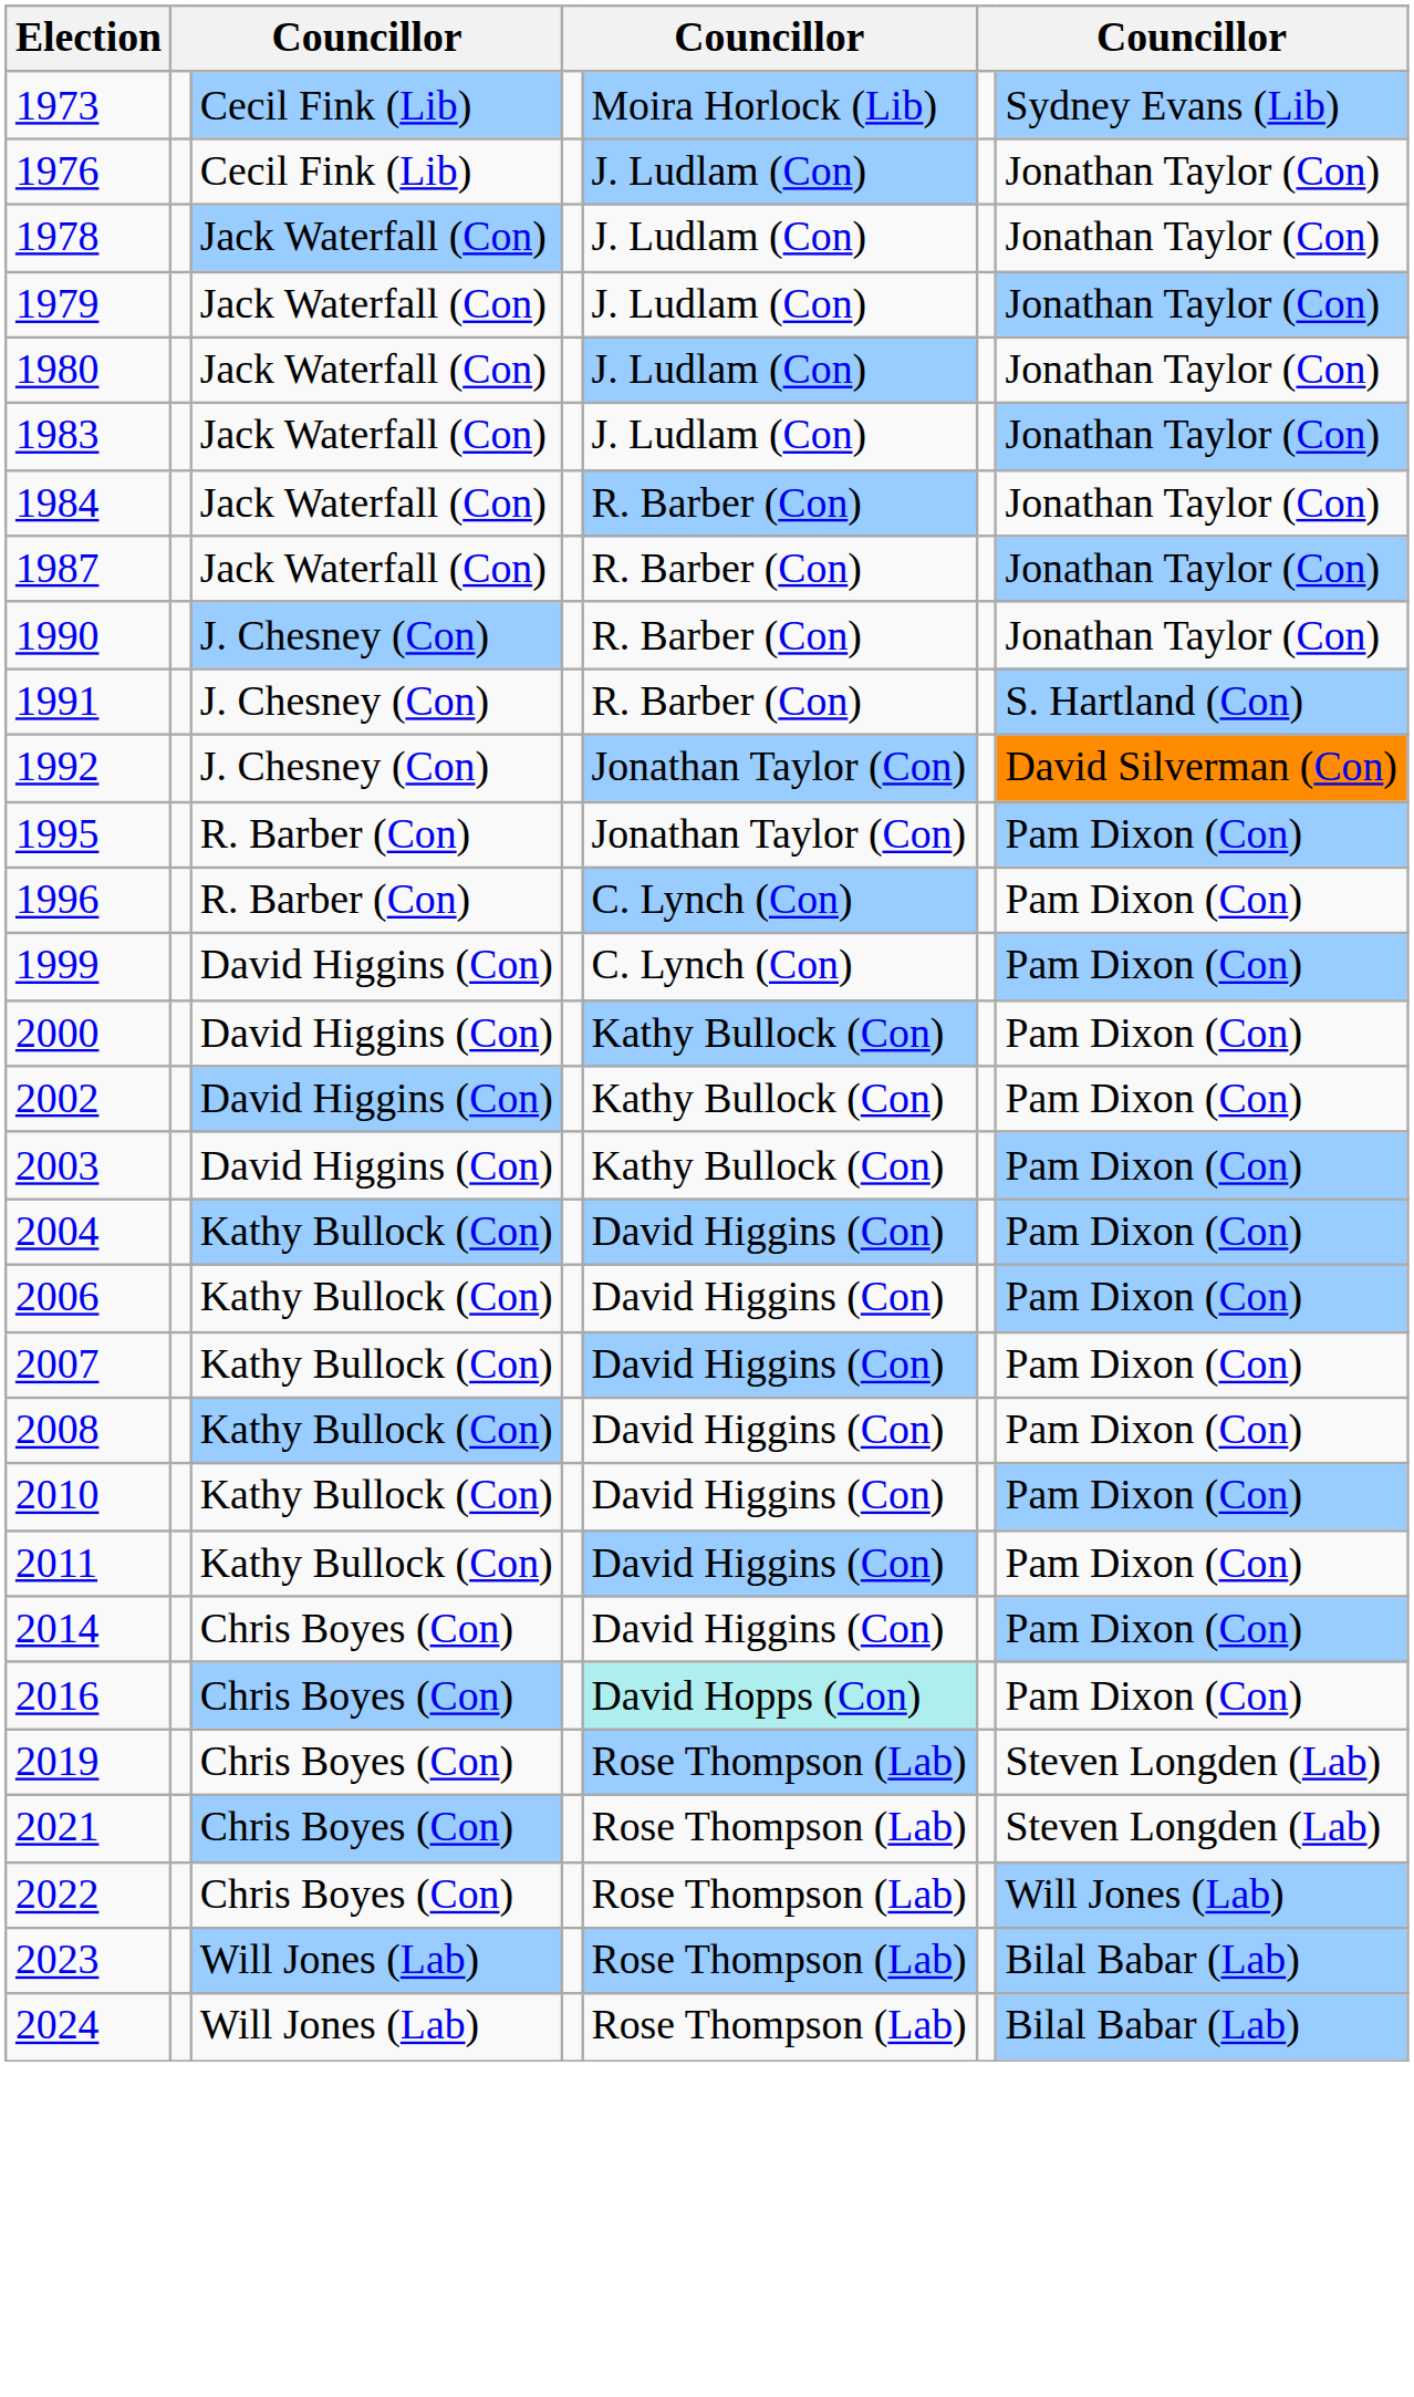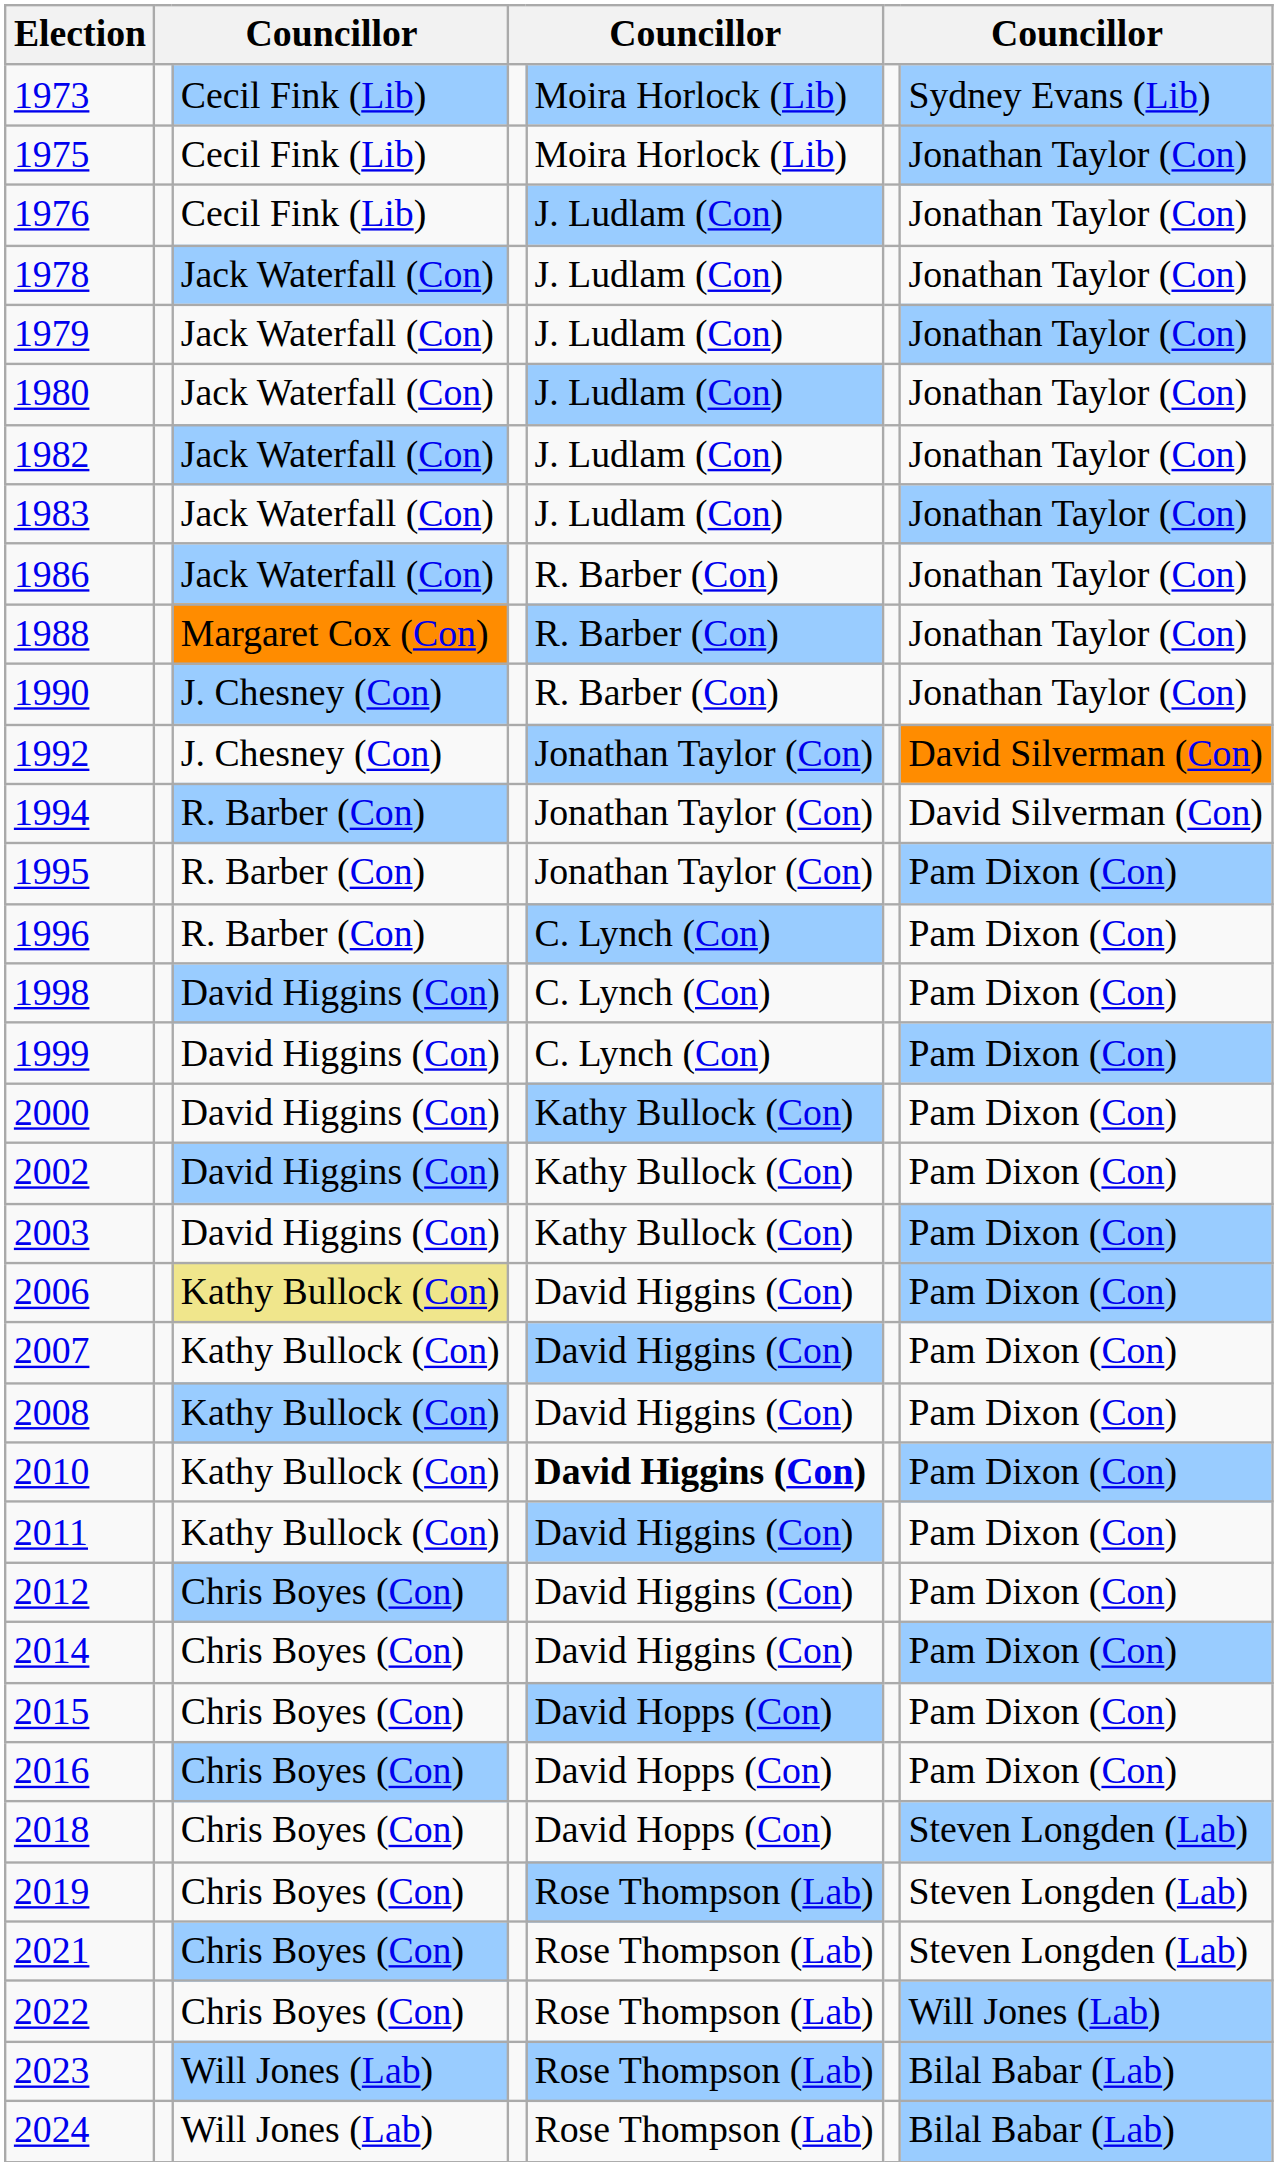 <table class="wikitable">
 <tr>
 <th>Election</th>
 <th colspan="2">Councillor</th>
 <th colspan="2">Councillor</th>
 <th colspan="2">Councillor</th>
 </tr>
 <tr>
 <td><a href='#'>1973</a></td>
 <td style="background-color: "></td>
 <td bgcolor="#99CCFF">Cecil Fink (<a href='#'>Lib</a>)</td>
 <td style="background-color: "></td>
 <td bgcolor="#99CCFF">Moira Horlock (<a href='#'>Lib</a>)</td>
 <td style="background-color: "></td>
 <td bgcolor="#99CCFF">Sydney Evans (<a href='#'>Lib</a>)</td>
+</tr>
+<tr>
+<td><a href='#'>1975</a></td>
+<td style="background-color: "></td>
+<td>Cecil Fink (<a href='#'>Lib</a>)</td>
+<td style="background-color: "></td>
+<td>Moira Horlock (<a href='#'>Lib</a>)</td>
+<td style="background-color: "></td>
+<td bgcolor="#99CCFF">Jonathan Taylor (<a href='#'>Con</a>)</td>
 </tr>
 <tr>
 <td><a href='#'>1976</a></td>
 <td style="background-color: "></td>
 <td>Cecil Fink (<a href='#'>Lib</a>)</td>
 <td style="background-color: "></td>
 <td bgcolor="#99CCFF">J. Ludlam (<a href='#'>Con</a>)</td>
 <td style="background-color: "></td>
 <td>Jonathan Taylor (<a href='#'>Con</a>)</td>
 </tr>
 <tr>
 <td><a href='#'>1978</a></td>
 <td style="background-color: "></td>
 <td bgcolor="#99CCFF">Jack Waterfall (<a href='#'>Con</a>)</td>
 <td style="background-color: "></td>
 <td>J. Ludlam (<a href='#'>Con</a>)</td>
 <td style="background-color: "></td>
 <td>Jonathan Taylor (<a href='#'>Con</a>)</td>
 </tr>
 <tr>
 <td><a href='#'>1979</a></td>
 <td style="background-color: "></td>
 <td>Jack Waterfall (<a href='#'>Con</a>)</td>
 <td style="background-color: "></td>
 <td>J. Ludlam (<a href='#'>Con</a>)</td>
 <td style="background-color: "></td>
 <td bgcolor="#99CCFF">Jonathan Taylor (<a href='#'>Con</a>)</td>
 </tr>
 <tr>
 <td><a href='#'>1980</a></td>
 <td style="background-color: "></td>
 <td>Jack Waterfall (<a href='#'>Con</a>)</td>
 <td style="background-color: "></td>
 <td bgcolor="#99CCFF">J. Ludlam (<a href='#'>Con</a>)</td>
 <td style="background-color: "></td>
 <td>Jonathan Taylor (<a href='#'>Con</a>)</td>
 </tr>
 <tr>
+<td><a href='#'>1982</a></td>
+<td style="background-color: "></td>
+<td bgcolor="#99CCFF">Jack Waterfall (<a href='#'>Con</a>)</td>
+<td style="background-color: "></td>
+<td>J. Ludlam (<a href='#'>Con</a>)</td>
+<td style="background-color: "></td>
+<td>Jonathan Taylor (<a href='#'>Con</a>)</td>
+</tr>
+<tr>
 <td><a href='#'>1983</a></td>
 <td style="background-color: "></td>
 <td>Jack Waterfall (<a href='#'>Con</a>)</td>
 <td style="background-color: "></td>
 <td>J. Ludlam (<a href='#'>Con</a>)</td>
 <td style="background-color: "></td>
 <td bgcolor="#99CCFF">Jonathan Taylor (<a href='#'>Con</a>)</td>
 </tr>
 <tr>
-<td><a href='#'>1984</a></td>
+<td><a href='#'>1986</a></td>
 <td style="background-color: "></td>
-<td>Jack Waterfall (<a href='#'>Con</a>)</td>
+<td bgcolor="#99CCFF">Jack Waterfall (<a href='#'>Con</a>)</td>
+<td style="background-color: "></td>
+<td>R. Barber (<a href='#'>Con</a>)</td>
+<td style="background-color: "></td>
+<td>Jonathan Taylor (<a href='#'>Con</a>)</td>
+</tr>
+<tr>
+<td><a href='#'>1988</a></td>
+<td style="background-color: "></td>
+<td bgcolor="#FF8C00">Margaret Cox (<a href='#'>Con</a>)</td>
 <td style="background-color: "></td>
 <td bgcolor="#99CCFF">R. Barber (<a href='#'>Con</a>)</td>
 <td style="background-color: "></td>
 <td>Jonathan Taylor (<a href='#'>Con</a>)</td>
-</tr>
-<tr>
-<td><a href='#'>1987</a></td>
-<td style="background-color: "></td>
-<td>Jack Waterfall (<a href='#'>Con</a>)</td>
-<td style="background-color: "></td>
-<td>R. Barber (<a href='#'>Con</a>)</td>
-<td style="background-color: "></td>
-<td bgcolor="#99CCFF">Jonathan Taylor (<a href='#'>Con</a>)</td>
 </tr>
 <tr>
 <td><a href='#'>1990</a></td>
 <td style="background-color: "></td>
 <td bgcolor="#99CCFF">J. Chesney (<a href='#'>Con</a>)</td>
 <td style="background-color: "></td>
 <td>R. Barber (<a href='#'>Con</a>)</td>
 <td style="background-color: "></td>
 <td>Jonathan Taylor (<a href='#'>Con</a>)</td>
 </tr>
 <tr>
-<td><a href='#'>1991</a></td>
-<td style="background-color: "></td>
-<td>J. Chesney (<a href='#'>Con</a>)</td>
-<td style="background-color: "></td>
-<td>R. Barber (<a href='#'>Con</a>)</td>
-<td style="background-color: "></td>
-<td bgcolor="#99CCFF">S. Hartland (<a href='#'>Con</a>)</td>
-</tr>
-<tr>
 <td><a href='#'>1992</a></td>
 <td style="background-color: "></td>
 <td>J. Chesney (<a href='#'>Con</a>)</td>
 <td style="background-color: "></td>
 <td bgcolor="#99CCFF">Jonathan Taylor (<a href='#'>Con</a>)</td>
 <td style="background-color: "></td>
 <td bgcolor="#FF8C00">David Silverman (<a href='#'>Con</a>)</td>
+</tr>
+<tr>
+<td><a href='#'>1994</a></td>
+<td style="background-color: "></td>
+<td bgcolor="#99CCFF">R. Barber (<a href='#'>Con</a>)</td>
+<td style="background-color: "></td>
+<td>Jonathan Taylor (<a href='#'>Con</a>)</td>
+<td style="background-color: "></td>
+<td>David Silverman (<a href='#'>Con</a>)</td>
 </tr>
 <tr>
 <td><a href='#'>1995</a></td>
 <td style="background-color: "></td>
 <td>R. Barber (<a href='#'>Con</a>)</td>
 <td style="background-color: "></td>
 <td>Jonathan Taylor (<a href='#'>Con</a>)</td>
 <td style="background-color: "></td>
 <td bgcolor="#99CCFF">Pam Dixon (<a href='#'>Con</a>)</td>
 </tr>
 <tr>
 <td><a href='#'>1996</a></td>
 <td style="background-color: "></td>
 <td>R. Barber (<a href='#'>Con</a>)</td>
 <td style="background-color: "></td>
 <td bgcolor="#99CCFF">C. Lynch (<a href='#'>Con</a>)</td>
+<td style="background-color: "></td>
+<td>Pam Dixon (<a href='#'>Con</a>)</td>
+</tr>
+<tr>
+<td><a href='#'>1998</a></td>
+<td style="background-color: "></td>
+<td bgcolor="#99CCFF">David Higgins (<a href='#'>Con</a>)</td>
+<td style="background-color: "></td>
+<td>C. Lynch (<a href='#'>Con</a>)</td>
 <td style="background-color: "></td>
 <td>Pam Dixon (<a href='#'>Con</a>)</td>
 </tr>
 <tr>
 <td><a href='#'>1999</a></td>
 <td style="background-color: "></td>
 <td>David Higgins (<a href='#'>Con</a>)</td>
 <td style="background-color: "></td>
 <td>C. Lynch (<a href='#'>Con</a>)</td>
 <td style="background-color: "></td>
 <td bgcolor="#99CCFF">Pam Dixon (<a href='#'>Con</a>)</td>
 </tr>
 <tr>
 <td><a href='#'>2000</a></td>
 <td style="background-color: "></td>
 <td>David Higgins (<a href='#'>Con</a>)</td>
 <td style="background-color: "></td>
 <td bgcolor="#99CCFF">Kathy Bullock (<a href='#'>Con</a>)</td>
 <td style="background-color: "></td>
 <td>Pam Dixon (<a href='#'>Con</a>)</td>
 </tr>
 <tr>
 <td><a href='#'>2002</a></td>
 <td style="background-color: "></td>
 <td bgcolor="#99CCFF">David Higgins (<a href='#'>Con</a>)</td>
 <td style="background-color: "></td>
 <td>Kathy Bullock (<a href='#'>Con</a>)</td>
 <td style="background-color: "></td>
 <td>Pam Dixon (<a href='#'>Con</a>)</td>
 </tr>
 <tr>
 <td><a href='#'>2003</a></td>
 <td style="background-color: "></td>
 <td>David Higgins (<a href='#'>Con</a>)</td>
 <td style="background-color: "></td>
 <td>Kathy Bullock (<a href='#'>Con</a>)</td>
 <td style="background-color: "></td>
 <td bgcolor="#99CCFF">Pam Dixon (<a href='#'>Con</a>)</td>
 </tr>
 <tr>
-<td><a href='#'>2004</a></td>
-<td style="background-color: "></td>
-<td bgcolor="#99CCFF">Kathy Bullock (<a href='#'>Con</a>)</td>
-<td style="background-color: "></td>
-<td bgcolor="#99CCFF">David Higgins (<a href='#'>Con</a>)</td>
-<td style="background-color: "></td>
-<td bgcolor="#99CCFF">Pam Dixon (<a href='#'>Con</a>)</td>
-</tr>
-<tr>
 <td><a href='#'>2006</a></td>
 <td style="background-color: "></td>
-<td>Kathy Bullock (<a href='#'>Con</a>)</td>
+<td style="background: khaki;">Kathy Bullock (<a href='#'>Con</a>)</td>
 <td style="background-color: "></td>
 <td>David Higgins (<a href='#'>Con</a>)</td>
 <td style="background-color: "></td>
 <td bgcolor="#99CCFF">Pam Dixon (<a href='#'>Con</a>)</td>
 </tr>
 <tr>
 <td><a href='#'>2007</a></td>
 <td style="background-color: "></td>
 <td>Kathy Bullock (<a href='#'>Con</a>)</td>
 <td style="background-color: "></td>
 <td bgcolor="#99CCFF">David Higgins (<a href='#'>Con</a>)</td>
 <td style="background-color: "></td>
 <td>Pam Dixon (<a href='#'>Con</a>)</td>
 </tr>
 <tr>
 <td><a href='#'>2008</a></td>
 <td style="background-color: "></td>
 <td bgcolor="#99CCFF">Kathy Bullock (<a href='#'>Con</a>)</td>
 <td style="background-color: "></td>
 <td>David Higgins (<a href='#'>Con</a>)</td>
 <td style="background-color: "></td>
 <td>Pam Dixon (<a href='#'>Con</a>)</td>
 </tr>
 <tr>
 <td><a href='#'>2010</a></td>
 <td style="background-color: "></td>
 <td>Kathy Bullock (<a href='#'>Con</a>)</td>
 <td style="background-color: "></td>
-<td>David Higgins (<a href='#'>Con</a>)</td>
+<td><strong>David Higgins (<a href='#'>Con</a>)</strong></td>
 <td style="background-color: "></td>
 <td bgcolor="#99CCFF">Pam Dixon (<a href='#'>Con</a>)</td>
 </tr>
 <tr>
 <td><a href='#'>2011</a></td>
 <td style="background-color: "></td>
 <td>Kathy Bullock (<a href='#'>Con</a>)</td>
 <td style="background-color: "></td>
 <td bgcolor="#99CCFF">David Higgins (<a href='#'>Con</a>)</td>
 <td style="background-color: "></td>
 <td>Pam Dixon (<a href='#'>Con</a>)</td>
 </tr>
 <tr>
+<td><a href='#'>2012</a></td>
+<td style="background-color: "></td>
+<td bgcolor="#99CCFF">Chris Boyes (<a href='#'>Con</a>)</td>
+<td style="background-color: "></td>
+<td>David Higgins (<a href='#'>Con</a>)</td>
+<td style="background-color: "></td>
+<td>Pam Dixon (<a href='#'>Con</a>)</td>
+</tr>
+<tr>
 <td><a href='#'>2014</a></td>
 <td style="background-color: "></td>
 <td>Chris Boyes (<a href='#'>Con</a>)</td>
 <td style="background-color: "></td>
 <td>David Higgins (<a href='#'>Con</a>)</td>
 <td style="background-color: "></td>
 <td bgcolor="#99CCFF">Pam Dixon (<a href='#'>Con</a>)</td>
 </tr>
 <tr>
+<td><a href='#'>2015</a></td>
+<td style="background-color: "></td>
+<td>Chris Boyes (<a href='#'>Con</a>)</td>
+<td style="background-color: "></td>
+<td bgcolor="#99CCFF">David Hopps (<a href='#'>Con</a>)</td>
+<td style="background-color: "></td>
+<td>Pam Dixon (<a href='#'>Con</a>)</td>
+</tr>
+<tr>
 <td><a href='#'>2016</a></td>
 <td style="background-color: "></td>
 <td bgcolor="#99CCFF">Chris Boyes (<a href='#'>Con</a>)</td>
 <td style="background-color: "></td>
-<td style="background: paleturquoise;">David Hopps (<a href='#'>Con</a>)</td>
+<td>David Hopps (<a href='#'>Con</a>)</td>
 <td style="background-color: "></td>
 <td>Pam Dixon (<a href='#'>Con</a>)</td>
+</tr>
+<tr>
+<td><a href='#'>2018</a></td>
+<td style="background-color: "></td>
+<td>Chris Boyes (<a href='#'>Con</a>)</td>
+<td style="background-color: "></td>
+<td>David Hopps (<a href='#'>Con</a>)</td>
+<td style="background-color: "></td>
+<td bgcolor="#99CCFF">Steven Longden (<a href='#'>Lab</a>)</td>
 </tr>
 <tr>
 <td><a href='#'>2019</a></td>
 <td style="background-color: "></td>
 <td>Chris Boyes (<a href='#'>Con</a>)</td>
 <td style="background-color: "></td>
 <td bgcolor="#99CCFF">Rose Thompson (<a href='#'>Lab</a>)</td>
 <td style="background-color: "></td>
 <td>Steven Longden (<a href='#'>Lab</a>)</td>
 </tr>
 <tr>
 <td><a href='#'>2021</a></td>
 <td style="background-color: "></td>
 <td bgcolor="#99CCFF">Chris Boyes (<a href='#'>Con</a>)</td>
 <td style="background-color: "></td>
 <td>Rose Thompson (<a href='#'>Lab</a>)</td>
 <td style="background-color: "></td>
 <td>Steven Longden (<a href='#'>Lab</a>)</td>
 </tr>
 <tr>
 <td><a href='#'>2022</a></td>
 <td style="background-color: "></td>
 <td>Chris Boyes (<a href='#'>Con</a>)</td>
 <td style="background-color: "></td>
 <td>Rose Thompson (<a href='#'>Lab</a>)</td>
 <td style="background-color: "></td>
 <td bgcolor="#99CCFF">Will Jones (<a href='#'>Lab</a>)</td>
 </tr>
 <tr>
 <td><a href='#'>2023</a></td>
 <td style="background-color: "></td>
 <td bgcolor="#99CCFF">Will Jones (<a href='#'>Lab</a>)</td>
 <td style="background-color: "></td>
 <td bgcolor="#99CCFF">Rose Thompson (<a href='#'>Lab</a>)</td>
 <td style="background-color: "></td>
 <td bgcolor="#99CCFF">Bilal Babar (<a href='#'>Lab</a>)</td>
 </tr>
 <tr>
 <td><a href='#'>2024</a></td>
 <td style="background-color: "></td>
 <td bgcolor=>Will Jones (<a href='#'>Lab</a>)</td>
 <td style="background-color: "></td>
 <td bgcolor=>Rose Thompson (<a href='#'>Lab</a>)</td>
 <td style="background-color: "></td>
 <td bgcolor="#99CCFF">Bilal Babar (<a href='#'>Lab</a>)</td>
 </tr>
 </table>
